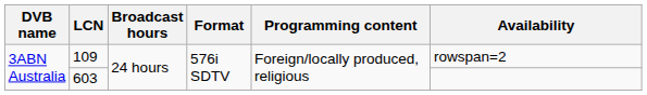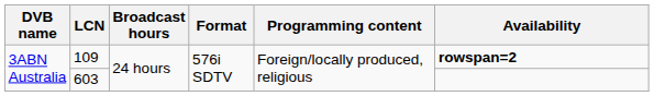 <table class="wikitable" style="font-size:90%; width:100%;">
 <tr>
 <th width="10%">DVB name</th>
 <th width="6%">LCN</th>
 <th width="10%">Broadcast hours</th>
 <th width="10%">Format</th>
 <th width="28%">Programming content</th>
 <th width="33%">Availability</th>
 </tr>
 <tr>
 <td rowspan=2><a href='#'>3ABN Australia</a></td>
 <td>109</td>
 <td rowspan=2>24 hours</td>
 <td rowspan=2>576i SDTV</td>
 <td rowspan=2>Foreign/locally produced, religious</td>
-<td>rowspan=2 </td>
+<td><strong>rowspan=2 </strong></td>
 </tr>
 <tr>
 <td>603</td>
 </tr>
 </table>
